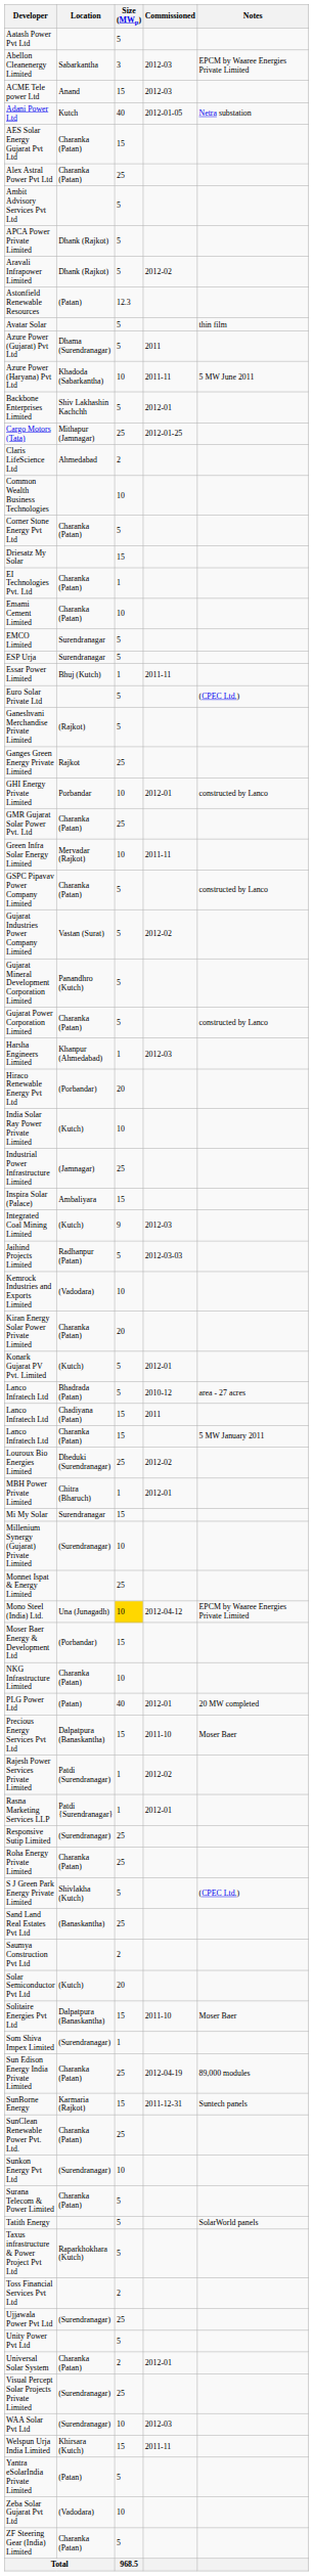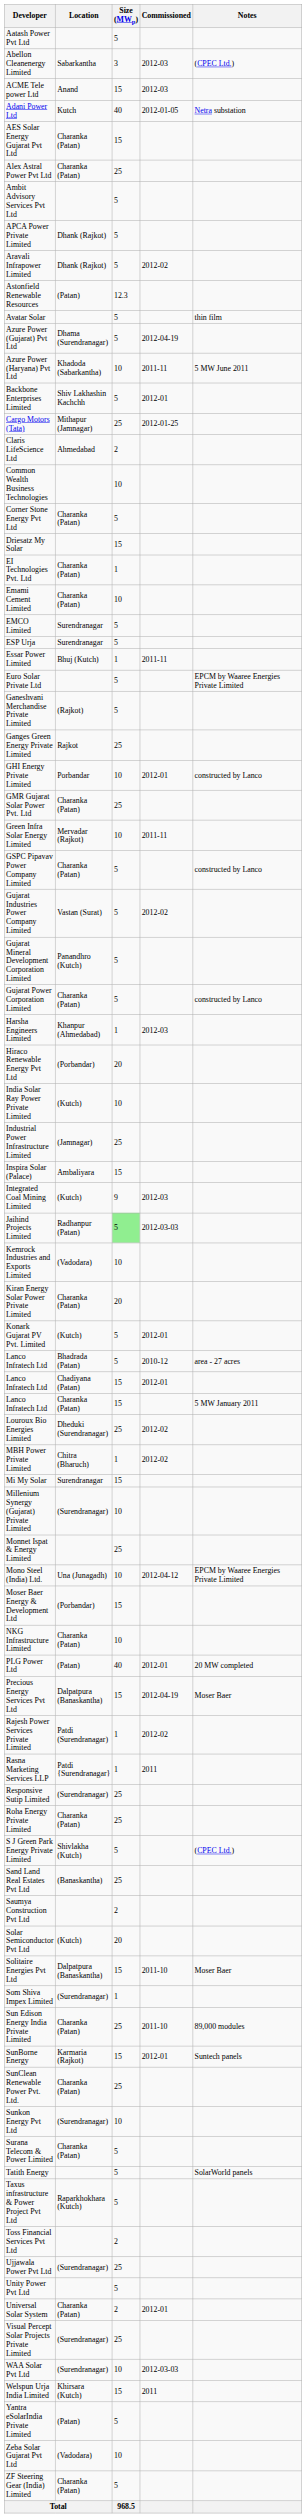 <table class="wikitable sortable collapsible collapsed">
 <tr>
 <th scope="col">Developer</th>
 <th scope="col">Location</th>
 <th scope="col">Size<br>(<a href='#'>MW<sub>p</sub></a>)</th>
 <th scope="col">Commissioned</th>
 <th scope="col" width="260">Notes</th>
 </tr>
 <tr>
 <td>Aatash Power Pvt Ltd</td>
 <td></td>
 <td>5</td>
 <td></td>
 <td></td>
 </tr>
 <tr>
 <td>Abellon Cleanenergy Limited</td>
 <td>Sabarkantha</td>
 <td>3</td>
 <td>2012-03</td>
-<td>EPCM by Waaree Energies Private Limited</td>
+<td>(<a href='#'>CPEC Ltd.</a>)</td>
 </tr>
 <tr>
 <td>ACME Tele power Ltd</td>
 <td>Anand</td>
 <td>15</td>
 <td>2012-03</td>
 <td></td>
 </tr>
 <tr>
 <td><a href='#'>Adani Power Ltd</a></td>
 <td>Kutch</td>
 <td>40</td>
 <td>2012-01-05</td>
 <td><a href='#'>Netra</a> substation</td>
 </tr>
 <tr>
 <td>AES Solar Energy Gujarat Pvt Ltd</td>
 <td>Charanka (Patan)</td>
 <td>15</td>
 <td></td>
 <td></td>
 </tr>
 <tr>
 <td>Alex Astral Power Pvt Ltd</td>
 <td>Charanka (Patan)</td>
 <td>25</td>
 <td></td>
 <td></td>
 </tr>
 <tr>
 <td>Ambit Advisory Services Pvt Ltd</td>
 <td></td>
 <td>5</td>
 <td></td>
 <td></td>
 </tr>
 <tr>
 <td>APCA Power Private Limited</td>
 <td>Dhank (Rajkot)</td>
 <td>5</td>
 <td></td>
 <td></td>
 </tr>
 <tr>
 <td>Aravali Infrapower Limited</td>
 <td>Dhank (Rajkot)</td>
 <td>5</td>
 <td>2012-02</td>
 <td></td>
 </tr>
 <tr>
 <td>Astonfield Renewable Resources</td>
 <td>(Patan)</td>
 <td>12.3</td>
 <td></td>
 <td></td>
 </tr>
 <tr>
 <td>Avatar Solar</td>
 <td></td>
 <td>5</td>
 <td></td>
 <td>thin film</td>
 </tr>
 <tr>
 <td>Azure Power (Gujarat) Pvt Ltd</td>
 <td>Dhama (Surendranagar)</td>
 <td>5</td>
-<td>2011</td>
+<td>2012-04-19</td>
 <td></td>
 </tr>
 <tr>
 <td>Azure Power (Haryana) Pvt Ltd</td>
 <td>Khadoda (Sabarkantha)</td>
 <td>10</td>
 <td>2011-11</td>
 <td>5 MW June 2011</td>
 </tr>
 <tr>
 <td>Backbone Enterprises Limited</td>
 <td>Shiv Lakhashin Kachchh</td>
 <td>5</td>
 <td>2012-01</td>
 <td></td>
 </tr>
 <tr>
 <td><a href='#'>Cargo Motors (Tata)</a></td>
 <td>Mithapur (Jamnagar)</td>
 <td>25</td>
 <td>2012-01-25</td>
 <td></td>
 </tr>
 <tr>
 <td>Claris LifeScience Ltd</td>
 <td>Ahmedabad</td>
 <td>2</td>
 <td></td>
 <td></td>
 </tr>
 <tr>
 <td>Common Wealth Business Technologies</td>
 <td></td>
 <td>10</td>
 <td></td>
 <td></td>
 </tr>
 <tr>
 <td>Corner Stone Energy Pvt Ltd</td>
 <td>Charanka (Patan)</td>
 <td>5</td>
 <td></td>
 <td></td>
 </tr>
 <tr>
 <td>Driesatz My Solar</td>
 <td></td>
 <td>15</td>
 <td></td>
 <td></td>
 </tr>
 <tr>
 <td>EI Technologies Pvt. Ltd</td>
 <td>Charanka (Patan)</td>
 <td>1</td>
 <td></td>
 <td></td>
 </tr>
 <tr>
 <td>Emami Cement Limited</td>
 <td>Charanka (Patan)</td>
 <td>10</td>
 <td></td>
 <td></td>
 </tr>
 <tr>
 <td>EMCO Limited</td>
 <td>Surendranagar</td>
 <td>5</td>
 <td></td>
 <td></td>
 </tr>
 <tr>
 <td>ESP Urja</td>
 <td>Surendranagar</td>
 <td>5</td>
 <td></td>
 <td></td>
 </tr>
 <tr>
 <td>Essar Power Limited</td>
 <td>Bhuj (Kutch)</td>
 <td>1</td>
 <td>2011-11</td>
 <td></td>
 </tr>
 <tr>
 <td>Euro Solar Private Ltd</td>
 <td></td>
 <td>5</td>
 <td></td>
-<td>(<a href='#'>CPEC Ltd.</a>)</td>
+<td>EPCM by Waaree Energies Private Limited</td>
 </tr>
 <tr>
 <td>Ganeshvani Merchandise Private Limited</td>
 <td>(Rajkot)</td>
 <td>5</td>
 <td></td>
 <td></td>
 </tr>
 <tr>
 <td>Ganges Green Energy Private Limited</td>
 <td>Rajkot</td>
 <td>25</td>
 <td></td>
 <td></td>
 </tr>
 <tr>
 <td>GHI Energy Private Limited</td>
 <td>Porbandar</td>
 <td>10</td>
 <td>2012-01</td>
 <td>constructed by Lanco</td>
 </tr>
 <tr>
 <td>GMR Gujarat Solar Power Pvt. Ltd</td>
 <td>Charanka (Patan)</td>
 <td>25</td>
 <td></td>
 <td></td>
 </tr>
 <tr>
 <td>Green Infra Solar Energy Limited</td>
 <td>Mervadar (Rajkot)</td>
 <td>10</td>
 <td>2011-11</td>
 <td></td>
 </tr>
 <tr>
 <td>GSPC Pipavav Power Company Limited</td>
 <td>Charanka (Patan)</td>
 <td>5</td>
 <td></td>
 <td>constructed by Lanco</td>
 </tr>
 <tr>
 <td>Gujarat Industries Power Company Limited</td>
 <td>Vastan (Surat)</td>
 <td>5</td>
 <td>2012-02</td>
 <td></td>
 </tr>
 <tr>
 <td>Gujarat Mineral Development Corporation Limited</td>
 <td>Panandhro (Kutch)</td>
 <td>5</td>
 <td></td>
 <td></td>
 </tr>
 <tr>
 <td>Gujarat Power Corporation Limited</td>
 <td>Charanka (Patan)</td>
 <td>5</td>
 <td></td>
 <td>constructed by Lanco</td>
 </tr>
 <tr>
 <td>Harsha Engineers Limited</td>
 <td>Khanpur (Ahmedabad)</td>
 <td>1</td>
 <td>2012-03</td>
 <td></td>
 </tr>
 <tr>
 <td>Hiraco Renewable Energy Pvt Ltd</td>
 <td>(Porbandar)</td>
 <td>20</td>
 <td></td>
 <td></td>
 </tr>
 <tr>
 <td>India Solar Ray Power Private Limited</td>
 <td>(Kutch)</td>
 <td>10</td>
 <td></td>
 <td></td>
 </tr>
 <tr>
 <td>Industrial Power Infrastructure Limited</td>
 <td>(Jamnagar)</td>
 <td>25</td>
 <td></td>
 <td></td>
 </tr>
 <tr>
 <td>Inspira Solar (Palace)</td>
 <td>Ambaliyara</td>
 <td>15</td>
 <td></td>
 <td></td>
 </tr>
 <tr>
 <td>Integrated Coal Mining Limited</td>
 <td>(Kutch)</td>
 <td>9</td>
 <td>2012-03</td>
 <td></td>
 </tr>
 <tr>
 <td>Jaihind Projects Limited</td>
 <td>Radhanpur (Patan)</td>
-<td>5</td>
+<td style="background: lightgreen;">5</td>
 <td>2012-03-03</td>
 <td></td>
 </tr>
 <tr>
 <td>Kemrock Industries and Exports Limited</td>
 <td>(Vadodara)</td>
 <td>10</td>
 <td></td>
 <td></td>
 </tr>
 <tr>
 <td>Kiran Energy Solar Power Private Limited</td>
 <td>Charanka (Patan)</td>
 <td>20</td>
 <td></td>
 <td></td>
 </tr>
 <tr>
 <td>Konark Gujarat PV Pvt. Limited</td>
 <td>(Kutch)</td>
 <td>5</td>
 <td>2012-01</td>
 <td></td>
 </tr>
 <tr>
 <td>Lanco Infratech Ltd</td>
 <td>Bhadrada (Patan)</td>
 <td>5</td>
 <td>2010-12</td>
 <td>area - 27 acres</td>
 </tr>
 <tr>
 <td>Lanco Infratech Ltd</td>
 <td>Chadiyana (Patan)</td>
 <td>15</td>
-<td>2011</td>
+<td>2012-01</td>
 <td></td>
 </tr>
 <tr>
 <td>Lanco Infratech Ltd</td>
 <td>Charanka (Patan)</td>
 <td>15</td>
 <td></td>
 <td>5 MW January 2011</td>
 </tr>
 <tr>
 <td>Louroux Bio Energies Limited</td>
 <td>Dheduki (Surendranagar)</td>
 <td>25</td>
 <td>2012-02</td>
 <td></td>
 </tr>
 <tr>
 <td>MBH Power Private Limited</td>
 <td>Chitra (Bharuch)</td>
 <td>1</td>
-<td>2012-01</td>
+<td>2012-02</td>
 <td></td>
 </tr>
 <tr>
 <td>Mi My Solar</td>
 <td>Surendranagar</td>
 <td>15</td>
 <td></td>
 <td></td>
 </tr>
 <tr>
 <td>Millenium Synergy (Gujarat) Private Limited</td>
 <td>(Surendranagar)</td>
 <td>10</td>
 <td></td>
 <td></td>
 </tr>
 <tr>
 <td>Monnet Ispat & Energy Limited</td>
 <td></td>
 <td>25</td>
 <td></td>
 <td></td>
 </tr>
 <tr>
 <td>Mono Steel (India) Ltd.</td>
 <td>Una (Junagadh)</td>
-<td style="background: gold;">10</td>
+<td>10</td>
 <td>2012-04-12</td>
 <td>EPCM by Waaree Energies Private Limited</td>
 </tr>
 <tr>
 <td>Moser Baer Energy & Development Ltd</td>
 <td>(Porbandar)</td>
 <td>15</td>
 <td></td>
 <td></td>
 </tr>
 <tr>
 <td>NKG Infrastructure Limited</td>
 <td>Charanka (Patan)</td>
 <td>10</td>
 <td></td>
 <td></td>
 </tr>
 <tr>
 <td>PLG Power Ltd</td>
 <td>(Patan)</td>
 <td>40</td>
 <td>2012-01</td>
 <td>20 MW completed</td>
 </tr>
 <tr>
 <td>Precious Energy Services Pvt Ltd</td>
 <td>Dalpatpura (Banaskantha)</td>
 <td>15</td>
-<td>2011-10</td>
+<td>2012-04-19</td>
 <td>Moser Baer</td>
 </tr>
 <tr>
 <td>Rajesh Power Services Private Limited</td>
 <td>Patdi (Surendranagar)</td>
 <td>1</td>
 <td>2012-02</td>
 <td></td>
 </tr>
 <tr>
 <td>Rasna Marketing Services LLP</td>
 <td>Patdi {Surendranagar}</td>
 <td>1</td>
-<td>2012-01</td>
+<td>2011</td>
 <td></td>
 </tr>
 <tr>
 <td>Responsive Sutip Limited</td>
 <td>(Surendranagar)</td>
 <td>25</td>
 <td></td>
 <td></td>
 </tr>
 <tr>
 <td>Roha Energy Private Limited</td>
 <td>Charanka (Patan)</td>
 <td>25</td>
 <td></td>
 <td></td>
 </tr>
 <tr>
 <td>S J Green Park Energy Private Limited</td>
 <td>Shivlakha (Kutch)</td>
 <td>5</td>
 <td></td>
 <td> (<a href='#'>CPEC Ltd.</a>)</td>
 </tr>
 <tr>
 <td>Sand Land Real Estates Pvt Ltd</td>
 <td>(Banaskantha)</td>
 <td>25</td>
 <td></td>
 <td></td>
 </tr>
 <tr>
 <td>Saumya Construction Pvt Ltd</td>
 <td></td>
 <td>2</td>
 <td></td>
 <td></td>
 </tr>
 <tr>
 <td>Solar Semiconductor Pvt Ltd</td>
 <td>(Kutch)</td>
 <td>20</td>
 <td></td>
 <td></td>
 </tr>
 <tr>
 <td>Solitaire Energies Pvt Ltd</td>
 <td>Dalpatpura (Banaskantha)</td>
 <td>15</td>
 <td>2011-10</td>
 <td>Moser Baer</td>
 </tr>
 <tr>
 <td>Som Shiva Impex Limited</td>
 <td>(Surendranagar)</td>
 <td>1</td>
 <td></td>
 <td></td>
 </tr>
 <tr>
 <td>Sun Edison Energy India Private Limited</td>
 <td>Charanka (Patan)</td>
 <td>25</td>
-<td>2012-04-19</td>
+<td>2011-10</td>
 <td>89,000 modules</td>
 </tr>
 <tr>
 <td>SunBorne Energy</td>
 <td>Karmaria (Rajkot)</td>
 <td>15</td>
-<td>2011-12-31</td>
+<td>2012-01</td>
 <td>Suntech panels</td>
 </tr>
 <tr>
 <td>SunClean Renewable Power Pvt. Ltd.</td>
 <td>Charanka (Patan)</td>
 <td>25</td>
 <td></td>
 <td></td>
 </tr>
 <tr>
 <td>Sunkon Energy Pvt Ltd</td>
 <td>(Surendranagar)</td>
 <td>10</td>
 <td></td>
 <td></td>
 </tr>
 <tr>
 <td>Surana Telecom & Power Limited</td>
 <td>Charanka (Patan)</td>
 <td>5</td>
 <td></td>
 <td></td>
 </tr>
 <tr>
 <td>Tatith Energy</td>
 <td></td>
 <td>5</td>
 <td></td>
 <td>SolarWorld panels</td>
 </tr>
 <tr>
 <td>Taxus infrastructure & Power Project Pvt Ltd</td>
 <td>Raparkhokhara (Kutch)</td>
 <td>5</td>
 <td></td>
 <td></td>
 </tr>
 <tr>
 <td>Toss Financial Services Pvt Ltd</td>
 <td></td>
 <td>2</td>
 <td></td>
 <td></td>
 </tr>
 <tr>
 <td>Ujjawala Power Pvt Ltd</td>
 <td>(Surendranagar)</td>
 <td>25</td>
 <td></td>
 <td></td>
 </tr>
 <tr>
 <td>Unity Power Pvt Ltd</td>
 <td></td>
 <td>5</td>
 <td></td>
 <td></td>
 </tr>
 <tr>
 <td>Universal Solar System</td>
 <td>Charanka (Patan)</td>
 <td>2</td>
 <td>2012-01</td>
 <td></td>
 </tr>
 <tr>
 <td>Visual Percept Solar Projects Private Limited</td>
 <td>(Surendranagar)</td>
 <td>25</td>
 <td></td>
 <td></td>
 </tr>
 <tr>
 <td>WAA Solar Pvt Ltd</td>
 <td>(Surendranagar)</td>
 <td>10</td>
-<td>2012-03</td>
+<td>2012-03-03</td>
 <td></td>
 </tr>
 <tr>
 <td>Welspun Urja India Limited</td>
 <td>Khirsara (Kutch)</td>
 <td>15</td>
-<td>2011-11</td>
+<td>2011</td>
 <td></td>
 </tr>
 <tr>
 <td>Yantra eSolarIndia Private Limited</td>
 <td>(Patan)</td>
 <td>5</td>
 <td></td>
 <td></td>
 </tr>
 <tr>
 <td>Zeba Solar Gujarat Pvt Ltd</td>
 <td>(Vadodara)</td>
 <td>10</td>
 <td></td>
 <td></td>
 </tr>
 <tr>
 <td>ZF Steering Gear (India) Limited</td>
 <td>Charanka (Patan)</td>
 <td>5</td>
 <td></td>
 <td></td>
 </tr>
 <tr class=sortbottom>
 <th colspan=2>Total</th>
 <th>968.5</th>
 <th></th>
 <th></th>
 </tr>
 </table>
